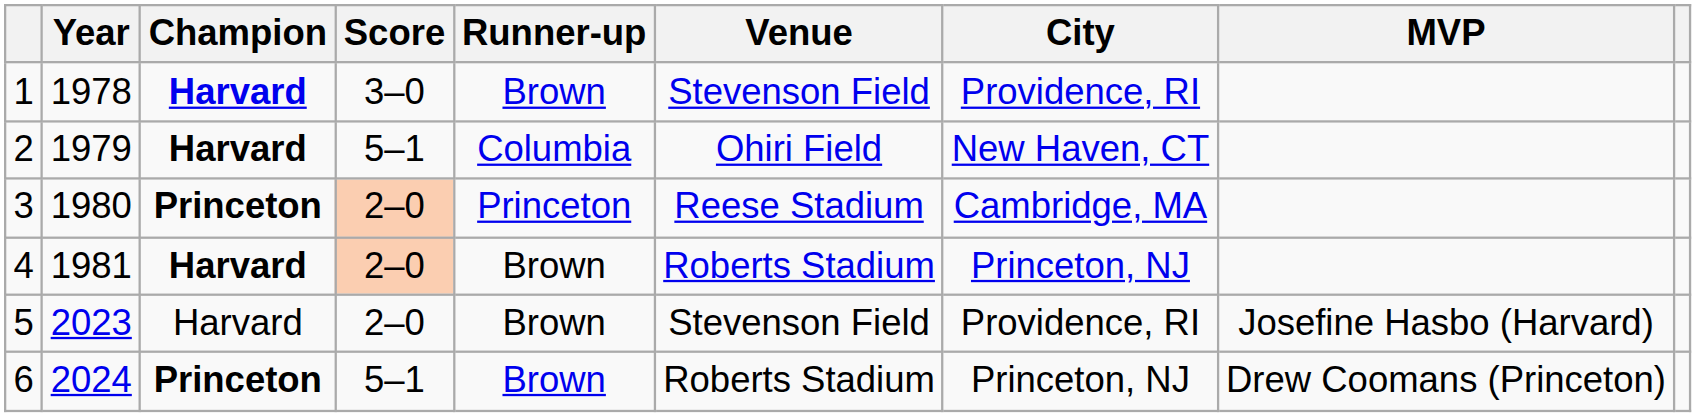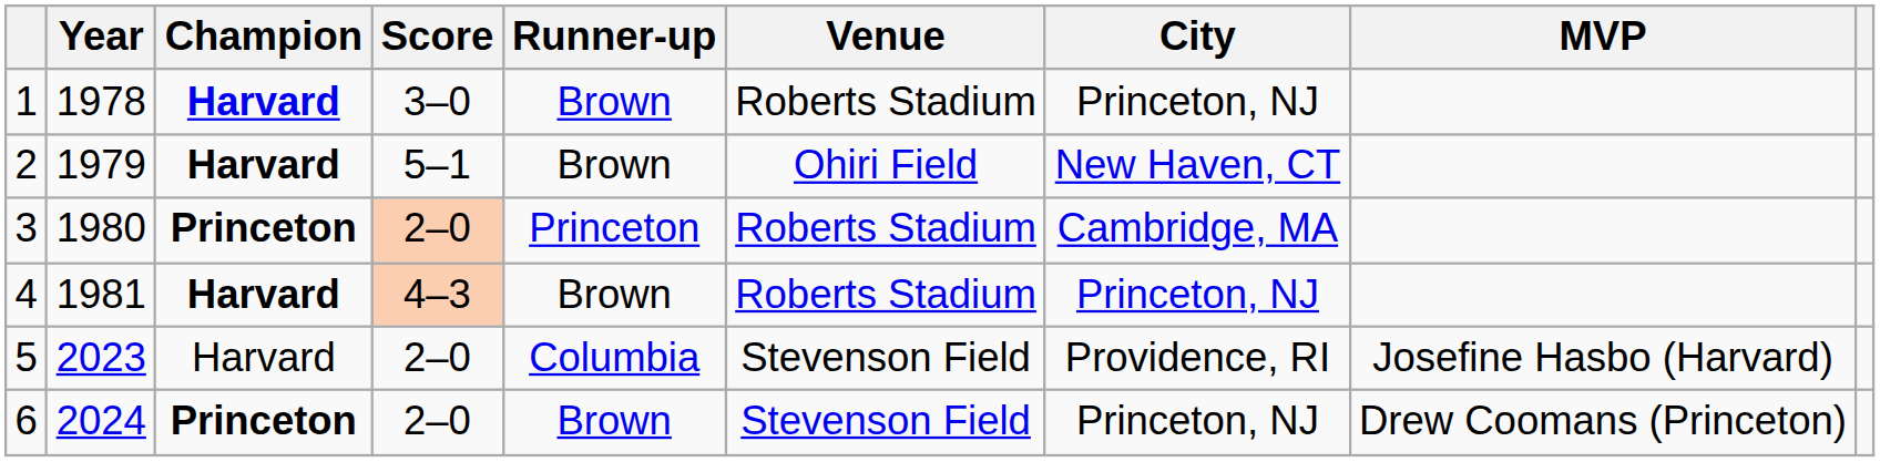 <table class="wikitable sortable" style="text-align:center;">
 <tr>
 <th width=px></th>
 <th width=px>Year</th>
 <th width=px>Champion</th>
 <th width=px>Score</th>
 <th width=px>Runner-up</th>
 <th width=px>Venue</th>
 <th width=px>City</th>
 <th width=px>MVP</th>
 <th width=px></th>
 </tr>
 <tr>
 <td>1</td>
 <td>1978</td>
 <td><strong><a href='#'>Harvard</a></strong> </td>
 <td>3–0</td>
 <td><a href='#'>Brown</a></td>
-<td><a href='#'>Stevenson Field</a></td>
-<td><a href='#'>Providence, RI</a></td>
+<td>Roberts Stadium</td>
+<td>Princeton, NJ</td>
 <td></td>
 <td></td>
 </tr>
 <tr>
 <td>2</td>
 <td>1979</td>
 <td><strong>Harvard</strong> </td>
 <td>5–1</td>
-<td><a href='#'>Columbia</a></td>
+<td>Brown</td>
 <td><a href='#'>Ohiri Field</a></td>
 <td><a href='#'>New Haven, CT</a></td>
 <td></td>
 <td></td>
 </tr>
 <tr>
 <td>3</td>
 <td>1980</td>
 <td><strong>Princeton</strong> </td>
 <td style="background-color:#FBCEB1">2–0 </td>
 <td><a href='#'>Princeton</a></td>
-<td><a href='#'>Reese Stadium</a></td>
+<td><a href='#'>Roberts Stadium</a></td>
 <td><a href='#'>Cambridge, MA</a></td>
 <td></td>
 <td></td>
 </tr>
 <tr>
 <td>4</td>
 <td>1981</td>
 <td><strong>Harvard</strong> </td>
-<td style="background-color:#FBCEB1">2–0 </td>
+<td style="background-color:#FBCEB1">4–3 </td>
 <td>Brown</td>
 <td><a href='#'>Roberts Stadium</a></td>
 <td><a href='#'>Princeton, NJ</a></td>
 <td></td>
 <td></td>
 </tr>
 <tr>
 <td>5</td>
 <td><a href='#'>2023</a></td>
 <td>Harvard </td>
 <td>2–0</td>
-<td>Brown</td>
+<td><a href='#'>Columbia</a></td>
 <td>Stevenson Field</td>
 <td>Providence, RI</td>
 <td>Josefine Hasbo (Harvard)</td>
 <td></td>
 </tr>
 <tr>
 <td>6</td>
 <td><a href='#'>2024</a></td>
 <td><strong>Princeton</strong> </td>
-<td>5–1</td>
+<td>2–0</td>
 <td><a href='#'>Brown</a></td>
-<td>Roberts Stadium</td>
+<td><a href='#'>Stevenson Field</a></td>
 <td>Princeton, NJ</td>
 <td>Drew Coomans (Princeton)</td>
 <td></td>
 </tr>
 </table>
